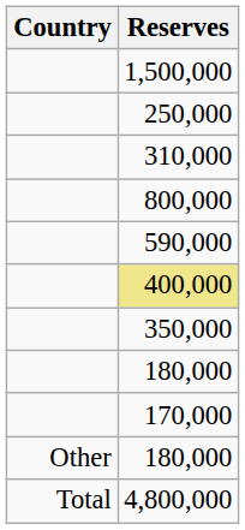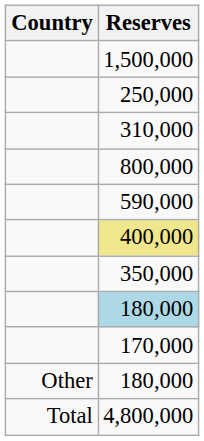 <table class="wikitable sortable" style="text-align:right;float:right;margin-right:1em;">
 <tr>
 <th>Country</th>
 <th>Reserves</th>
 </tr>
 <tr>
 <td></td>
 <td style="text-align:right">1,500,000</td>
 </tr>
 <tr>
 <td></td>
 <td style="text-align:right">250,000</td>
 </tr>
 <tr>
 <td></td>
 <td style="text-align:right">310,000</td>
 </tr>
 <tr>
 <td></td>
 <td style="text-align:right">800,000</td>
 </tr>
 <tr>
 <td></td>
 <td style="text-align:right">590,000</td>
 </tr>
 <tr>
 <td></td>
 <td style="background: khaki; text-align:right">400,000</td>
 </tr>
 <tr>
 <td></td>
 <td style="text-align:right">350,000</td>
 </tr>
 <tr>
 <td></td>
-<td style="text-align:right">180,000</td>
+<td style="background: lightblue; text-align:right">180,000</td>
 </tr>
 <tr>
 <td></td>
 <td style="text-align:right">170,000</td>
 </tr>
 <tr>
 <td>  Other</td>
 <td style="text-align:right">180,000</td>
 </tr>
 <tr>
 <td>  Total</td>
 <td style="text-align:right">4,800,000</td>
 </tr>
 </table>
